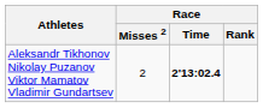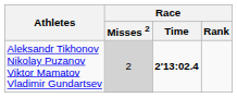 <table class="wikitable" border="1" style="font-size:90%">
 <tr>
 <th rowspan=2>Athletes</th>
 <th colspan=3>Race</th>
 </tr>
 <tr>
 <th>Misses <sup>2</sup></th>
 <th>Time</th>
 <th>Rank</th>
 </tr>
 <tr>
 <td><a href='#'>Aleksandr Tikhonov</a><br><a href='#'>Nikolay Puzanov</a><br><a href='#'>Viktor Mamatov</a><br><a href='#'>Vladimir Gundartsev</a></td>
-<td align=center>2</td>
+<td align=center style="background: lightgrey;">2</td>
 <td align=center><strong>2'13:02.4</strong></td>
 <td align=center></td>
 </tr>
 </table>
